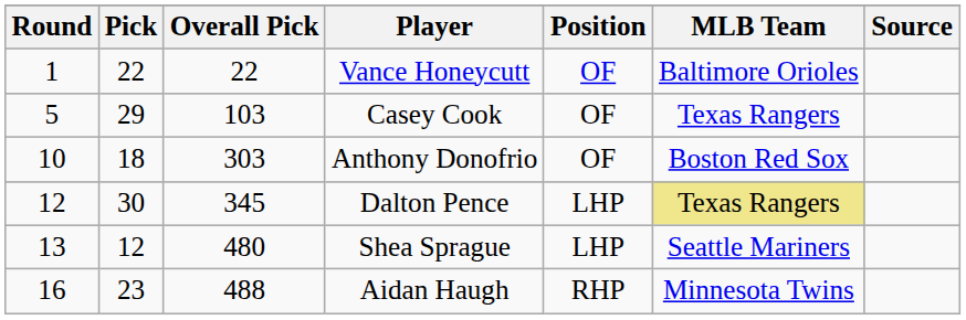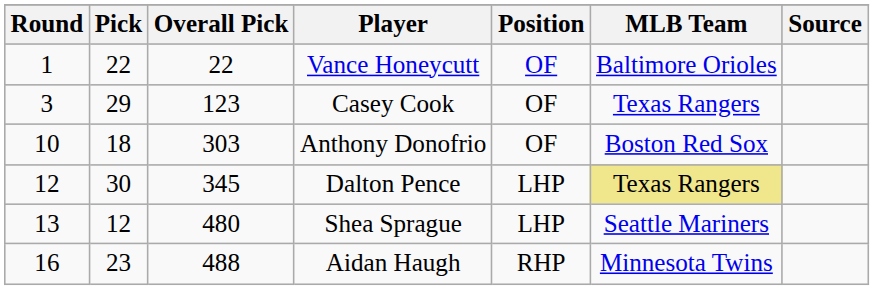 <table class="wikitable sortable" style="text-align: center">
 <tr>
 </tr>
 <tr align=center>
 <th>Round</th>
 <th>Pick</th>
 <th>Overall Pick</th>
 <th>Player</th>
 <th>Position</th>
 <th>MLB Team</th>
 <th>Source</th>
 </tr>
 <tr align="center">
 <td>1</td>
 <td>22</td>
 <td>22</td>
 <td><a href='#'>Vance Honeycutt</a></td>
 <td><a href='#'>OF</a></td>
 <td><a href='#'>Baltimore Orioles</a></td>
 <td></td>
 </tr>
 <tr align="center">
-<td>5</td>
+<td>3</td>
 <td>29</td>
-<td>103</td>
+<td>123</td>
 <td>Casey Cook</td>
 <td>OF</td>
 <td><a href='#'>Texas Rangers</a></td>
 <td></td>
 </tr>
 <tr align="center">
 <td>10</td>
 <td>18</td>
 <td>303</td>
 <td>Anthony Donofrio</td>
 <td>OF</td>
 <td><a href='#'>Boston Red Sox</a></td>
 <td></td>
 </tr>
 <tr align="center">
 <td>12</td>
 <td>30</td>
 <td>345</td>
 <td>Dalton Pence</td>
 <td>LHP</td>
 <td style="background: khaki;">Texas Rangers</td>
 <td></td>
 </tr>
 <tr align="center">
 <td>13</td>
 <td>12</td>
 <td>480</td>
 <td>Shea Sprague</td>
 <td>LHP</td>
 <td><a href='#'>Seattle Mariners</a></td>
 <td></td>
 </tr>
 <tr align="center">
 <td>16</td>
 <td>23</td>
 <td>488</td>
 <td>Aidan Haugh</td>
 <td>RHP</td>
 <td><a href='#'>Minnesota Twins</a></td>
 <td></td>
 </tr>
 </table>
